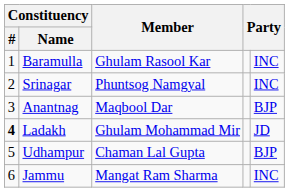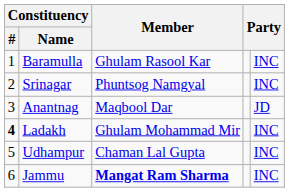 <table class="wikitable sortable">
 <tr>
 <th colspan="2">Constituency</th>
 <th rowspan="2">Member</th>
 <th colspan="2" rowspan="2">Party</th>
 </tr>
 <tr>
 <th>#</th>
 <th>Name</th>
 </tr>
 <tr>
 <td>1</td>
 <td><a href='#'>Baramulla</a></td>
 <td><a href='#'>Ghulam Rasool Kar</a></td>
 <td style="background-color: "></td>
 <td><a href='#'>INC</a></td>
 </tr>
 <tr>
 <td>2</td>
 <td><a href='#'>Srinagar</a></td>
 <td><a href='#'>Phuntsog Namgyal</a></td>
 <td style="background-color: "></td>
 <td><a href='#'>INC</a></td>
 </tr>
 <tr>
 <td>3</td>
 <td><a href='#'>Anantnag</a></td>
 <td><a href='#'>Maqbool Dar</a></td>
 <td style="background-color: "></td>
-<td><a href='#'>BJP</a></td>
+<td><a href='#'>JD</a></td>
 </tr>
 <tr>
 <td><strong>4</strong></td>
 <td><a href='#'>Ladakh</a></td>
 <td><a href='#'>Ghulam Mohammad Mir</a></td>
 <td style="background-color: "></td>
-<td><a href='#'>JD</a></td>
+<td><a href='#'>INC</a></td>
 </tr>
 <tr>
 <td>5</td>
 <td><a href='#'>Udhampur</a></td>
 <td><a href='#'>Chaman Lal Gupta</a></td>
 <td style="background-color: "></td>
-<td><a href='#'>BJP</a></td>
+<td><a href='#'>INC</a></td>
 </tr>
 <tr>
 <td>6</td>
 <td><a href='#'>Jammu</a></td>
-<td><a href='#'>Mangat Ram Sharma</a></td>
+<td><strong><a href='#'>Mangat Ram Sharma</a></strong></td>
 <td style="background-color: "></td>
 <td><a href='#'>INC</a></td>
 </tr>
 </table>
